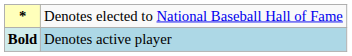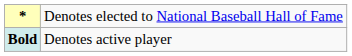 <table class="wikitable" style="font-size:100%;">
 <tr>
 <th scope="row" style="background-color:#ffffbb">*</th>
 <td>Denotes elected to <a href='#'>National Baseball Hall of Fame</a> <br></td>
 </tr>
 <tr>
 <th scope="row" style="background:#cfecec;"><strong>Bold</strong></th>
-<td style="background: lightblue;">Denotes active player<br></td>
+<td>Denotes active player<br></td>
 </tr>
 </table>
